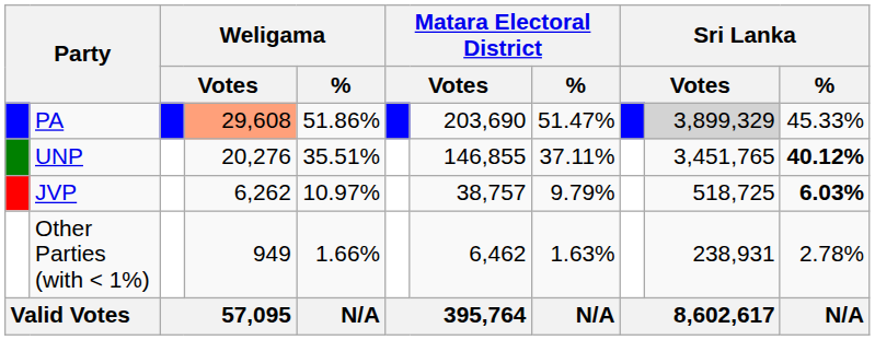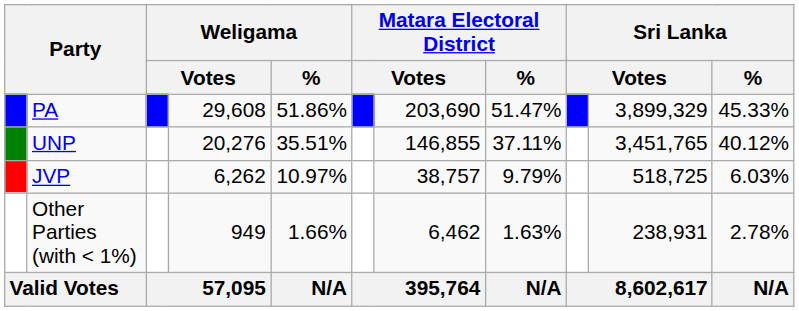 <table class="wikitable">
 <tr>
 <th colspan="2" width="144px"rowspan="2">Party</th>
 <th colspan="3" width="216px">Weligama</th>
 <th colspan="3" width="216px"><a href='#'>Matara Electoral District</a></th>
 <th colspan="3" width="216px">Sri Lanka</th>
 </tr>
 <tr>
 <th colspan="2" width="144px">Votes</th>
 <th>%</th>
 <th colspan="2" width="144px">Votes</th>
 <th>%</th>
 <th colspan="2" width="144px">Votes</th>
 <th>%</th>
 </tr>
 <tr>
 <td style="background-color:blue;" width="10px"></td>
 <td style="text-align:left;"><a href='#'>PA</a></td>
 <td style="background-color:blue;" width="10px"></td>
-<td style="background: lightsalmon; text-align:right;">29,608</td>
+<td style="text-align:right;">29,608</td>
 <td style="text-align:right;">51.86%</td>
 <td style="background-color:blue;" width="10px"></td>
 <td style="text-align:right;">203,690</td>
 <td style="text-align:right;">51.47%</td>
 <td style="background-color:blue;" width="10px"></td>
-<td style="background: lightgrey; text-align:right;">3,899,329</td>
+<td style="text-align:right;">3,899,329</td>
 <td style="text-align:right;">45.33%</td>
 </tr>
 <tr>
 <td style="background-color:green;" width="10px"></td>
 <td style="text-align:left;"><a href='#'>UNP</a></td>
 <td style="background-color:white;" width="10px"></td>
 <td style="text-align:right;">20,276</td>
 <td style="text-align:right;">35.51%</td>
 <td style="background-color:white;" width="10px"></td>
 <td style="text-align:right;">146,855</td>
 <td style="text-align:right;">37.11%</td>
 <td style="background-color:white;" width="10px"></td>
 <td style="text-align:right;">3,451,765</td>
-<td style="text-align:right;"><strong>40.12%</strong></td>
+<td style="text-align:right;">40.12%</td>
 </tr>
 <tr>
 <td style="background-color:red;" width="10px"></td>
 <td style="text-align:left;"><a href='#'>JVP</a></td>
 <td style="background-color:white;" width="10px"></td>
 <td style="text-align:right;">6,262</td>
 <td style="text-align:right;">10.97%</td>
 <td style="background-color:white;" width="10px"></td>
 <td style="text-align:right;">38,757</td>
 <td style="text-align:right;">9.79%</td>
 <td style="background-color:white;" width="10px"></td>
 <td style="text-align:right;">518,725</td>
-<td style="text-align:right;"><strong>6.03%</strong></td>
+<td style="text-align:right;">6.03%</td>
 </tr>
 <tr>
 <td style="background-color:white;" width="10px"></td>
 <td style="text-align:left;">Other Parties (with < 1%)</td>
 <td style="background-color:white;" width="10px"></td>
 <td style="text-align:right;">949</td>
 <td style="text-align:right;">1.66%</td>
 <td style="background-color:white;" width="10px"></td>
 <td style="text-align:right;">6,462</td>
 <td style="text-align:right;">1.63%</td>
 <td style="background-color:white;" width="10px"></td>
 <td style="text-align:right;">238,931</td>
 <td style="text-align:right;">2.78%</td>
 </tr>
 <tr>
 <th colspan="2" width="144px"style="text-align:left;">Valid Votes</th>
 <th style="text-align:right;"colspan="2" width="144px">57,095</th>
 <th style="text-align:right;">N/A</th>
 <th style="text-align:right;"colspan="2" width="144px">395,764</th>
 <th style="text-align:right;">N/A</th>
 <th style="text-align:right;"colspan="2" width="144px">8,602,617</th>
 <th style="text-align:right;">N/A</th>
 </tr>
 </table>
